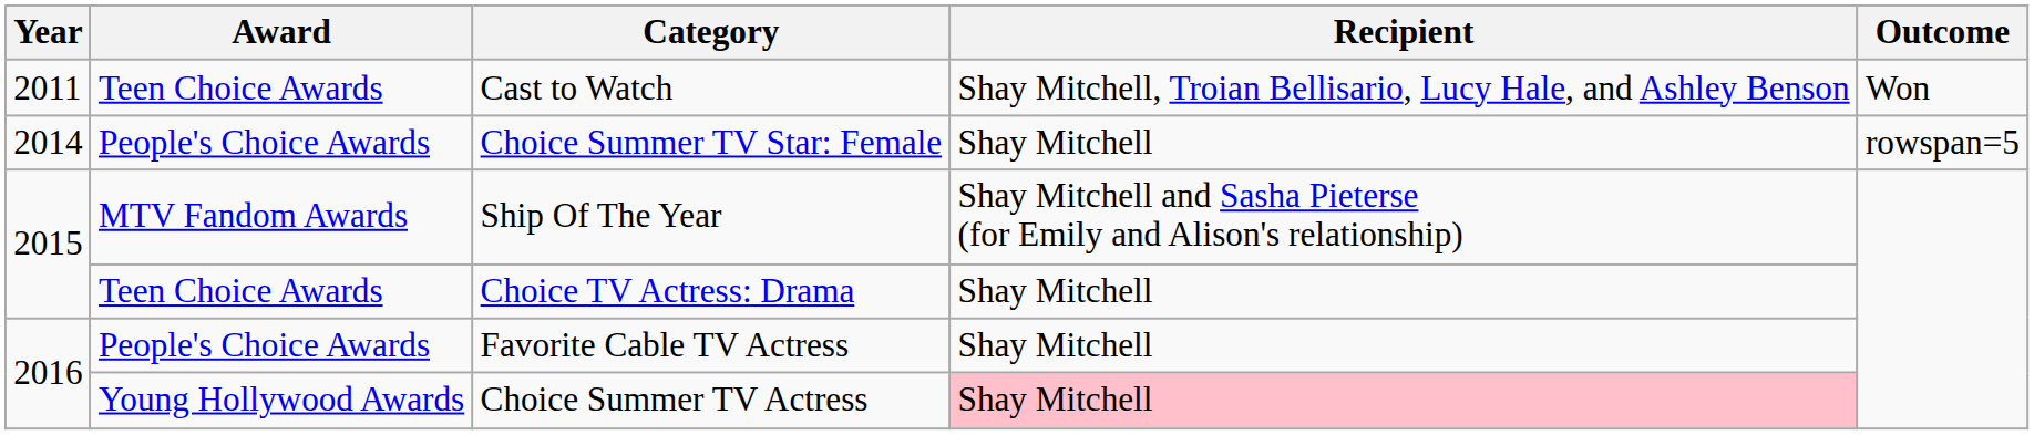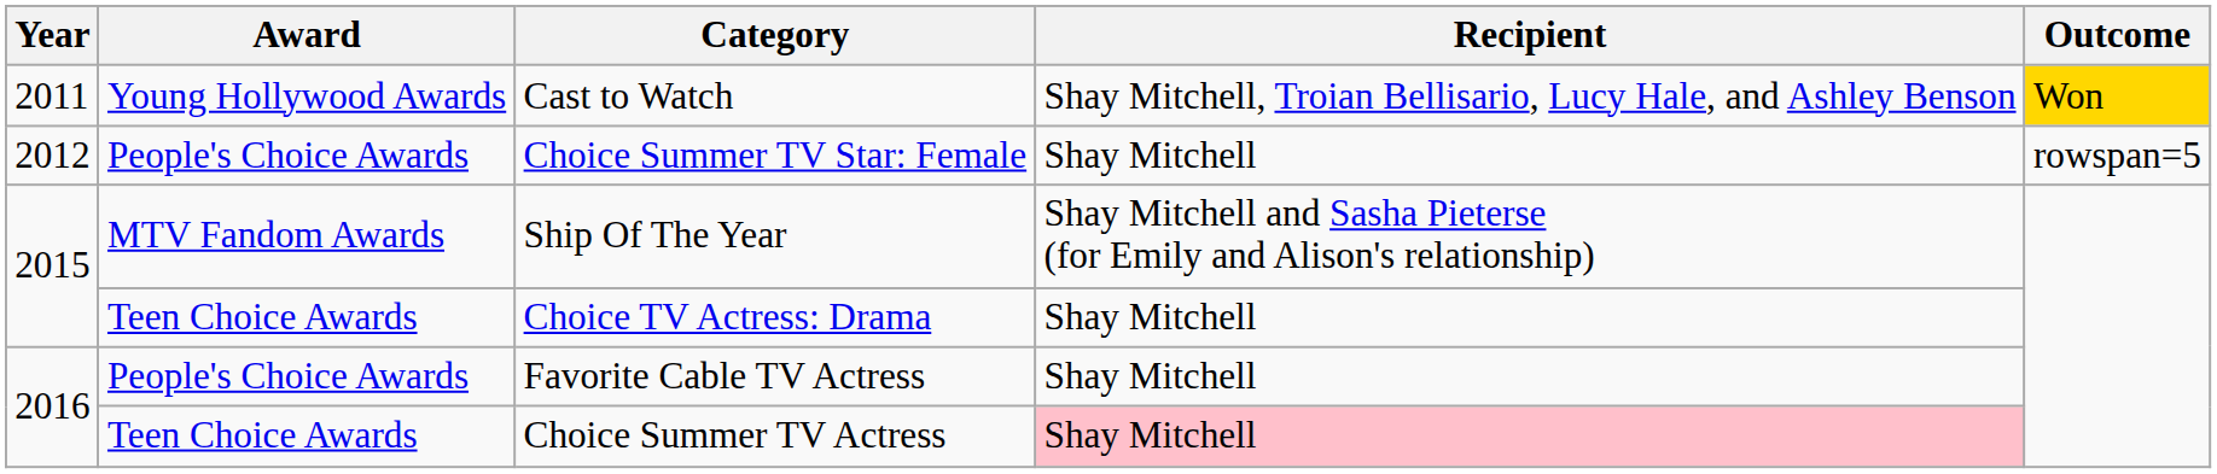 <table class="wikitable">
 <tr>
 <th>Year</th>
 <th>Award</th>
 <th>Category</th>
 <th>Recipient</th>
 <th>Outcome</th>
 </tr>
 <tr>
 <td>2011</td>
-<td><a href='#'>Teen Choice Awards</a></td>
+<td><a href='#'>Young Hollywood Awards</a></td>
 <td>Cast to Watch</td>
 <td>Shay Mitchell, <a href='#'>Troian Bellisario</a>, <a href='#'>Lucy Hale</a>, and <a href='#'>Ashley Benson</a></td>
-<td>Won</td>
+<td style="background: gold;">Won</td>
 </tr>
 <tr>
-<td>2014</td>
+<td>2012</td>
 <td><a href='#'>People's Choice Awards</a></td>
 <td><a href='#'>Choice Summer TV Star: Female</a></td>
 <td>Shay Mitchell</td>
 <td>rowspan=5 </td>
 </tr>
 <tr>
 <td rowspan=2>2015</td>
 <td><a href='#'>MTV Fandom Awards</a></td>
 <td>Ship Of The Year</td>
 <td>Shay Mitchell and <a href='#'>Sasha Pieterse</a><br>(for Emily and Alison's relationship)</td>
 </tr>
 <tr>
 <td><a href='#'>Teen Choice Awards</a></td>
 <td><a href='#'>Choice TV Actress: Drama</a></td>
 <td>Shay Mitchell</td>
 </tr>
 <tr>
 <td rowspan=2>2016</td>
 <td><a href='#'>People's Choice Awards</a></td>
 <td>Favorite Cable TV Actress</td>
 <td>Shay Mitchell</td>
 </tr>
 <tr>
-<td><a href='#'>Young Hollywood Awards</a></td>
+<td><a href='#'>Teen Choice Awards</a></td>
 <td>Choice Summer TV Actress</td>
 <td style="background: pink;">Shay Mitchell</td>
 </tr>
 </table>
